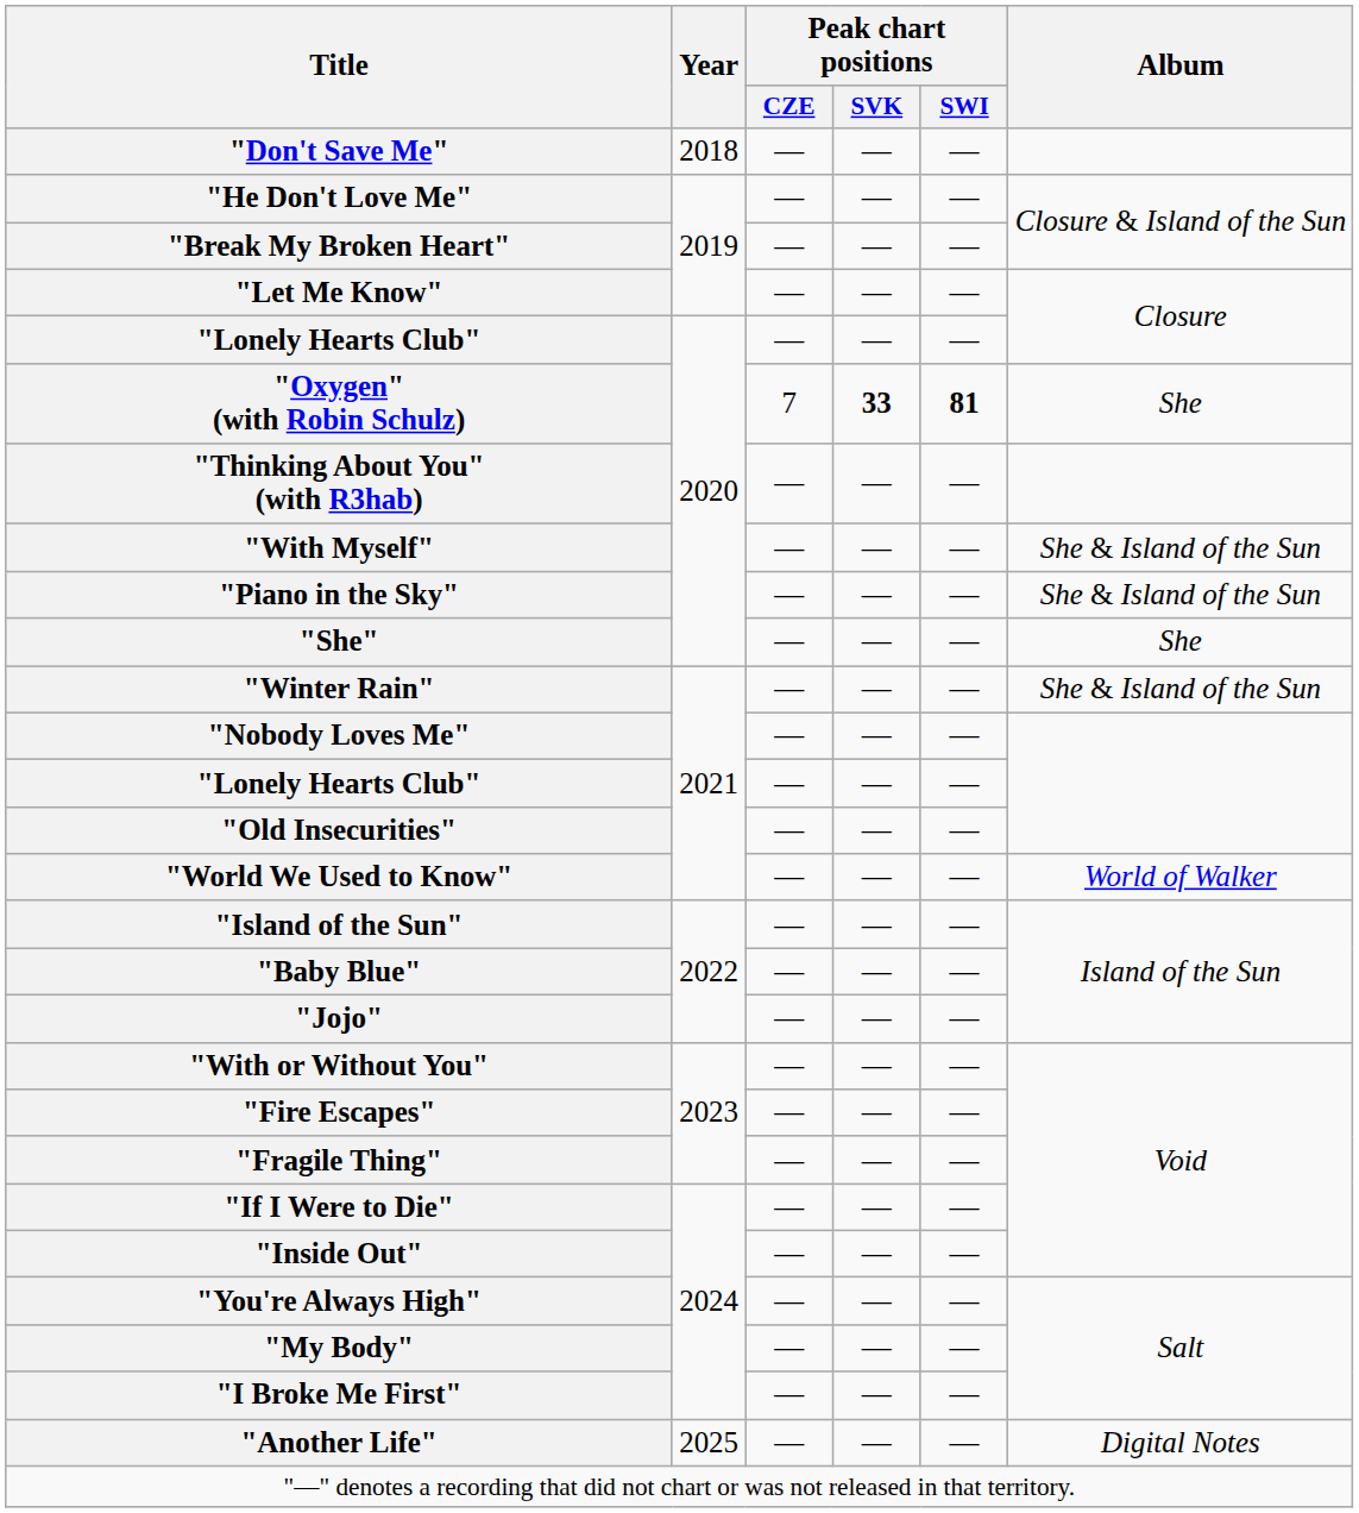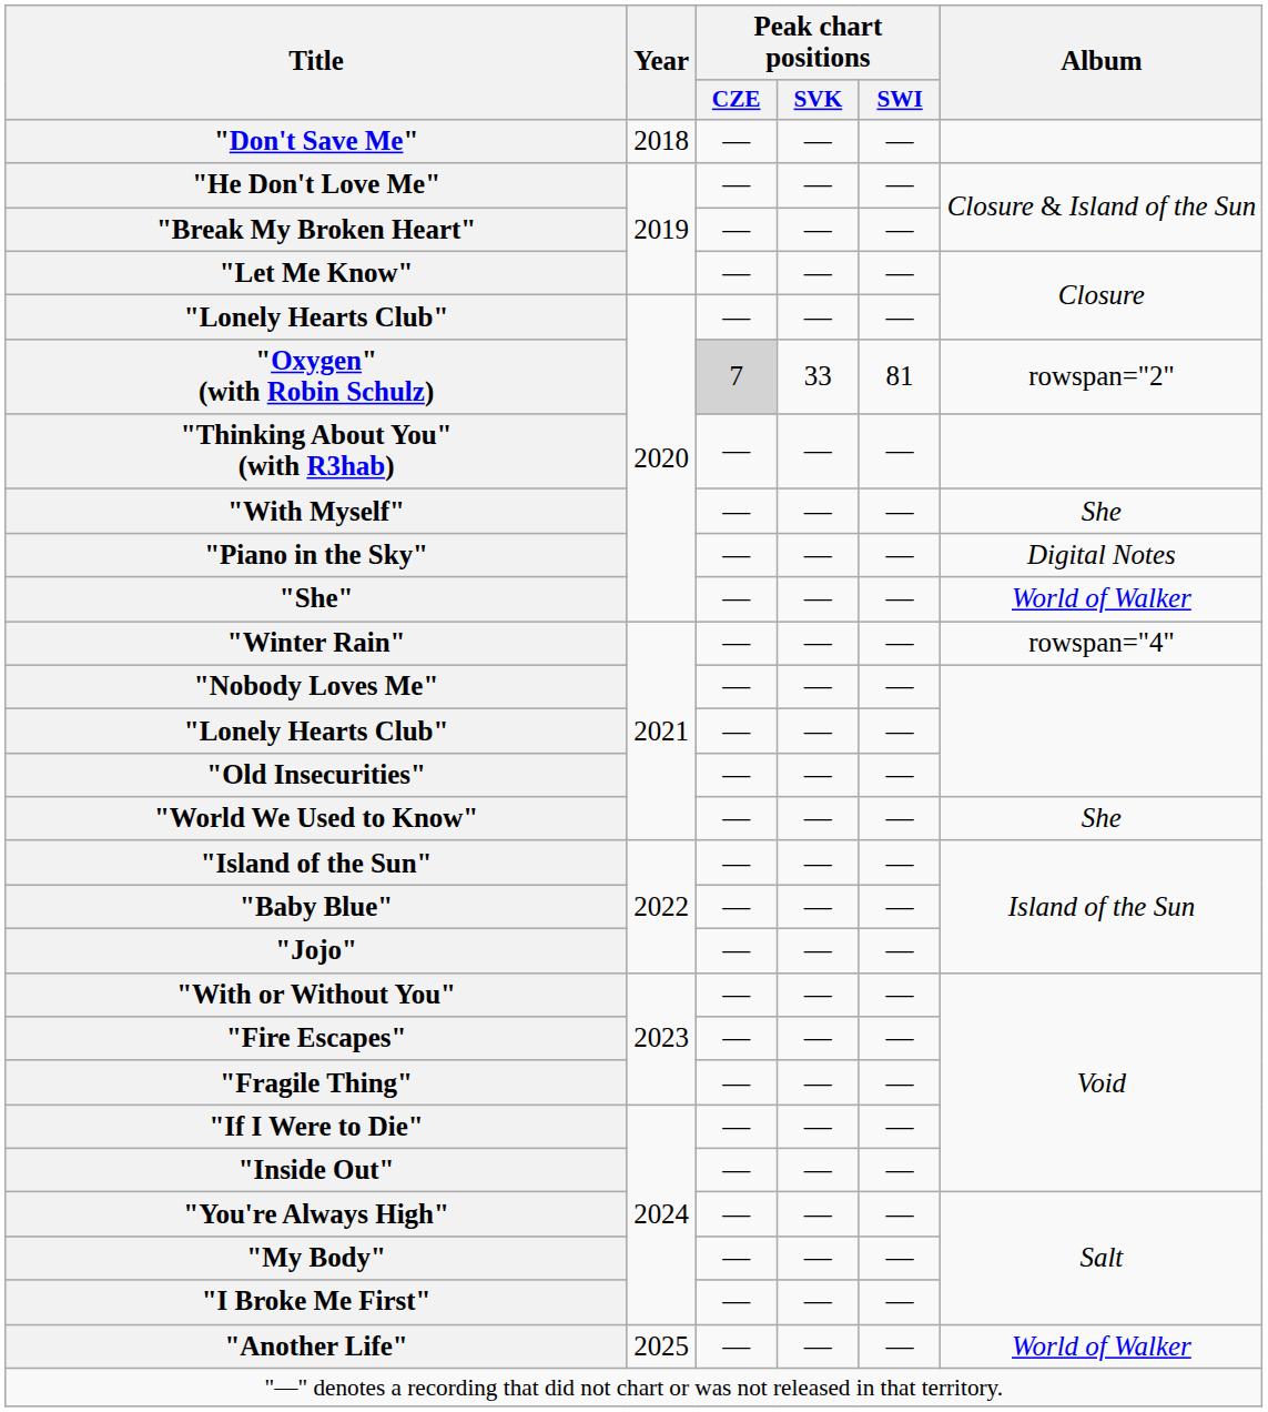 <table class="wikitable plainrowheaders" style="text-align:center;">
 <tr>
 <th scope="col" rowspan="2" style="width:22em;">Title</th>
 <th scope="col" rowspan="2" style="width:1em;">Year</th>
 <th colspan="3" scope="col">Peak chart positions</th>
 <th scope="col" rowspan="2">Album</th>
 </tr>
 <tr>
 <th scope="col" style="width:3em;font-size:85%;"><a href='#'>CZE</a><br></th>
 <th scope="col" style="width:3em;font-size:85%;"><a href='#'>SVK</a><br></th>
 <th scope="col" style="width:3em;font-size:85%;"><a href='#'>SWI</a><br></th>
 </tr>
 <tr>
 <th scope="row">"<a href='#'>Don't Save Me</a>"</th>
 <td>2018</td>
 <td>—</td>
 <td>—</td>
 <td>—</td>
 <td></td>
 </tr>
 <tr>
 <th scope="row">"He Don't Love Me"</th>
 <td rowspan="3">2019</td>
 <td>—</td>
 <td>—</td>
 <td>—</td>
 <td rowspan="2"><em>Closure</em> & <em>Island of the Sun</em></td>
 </tr>
 <tr>
 <th scope="row">"Break My Broken Heart"</th>
 <td>—</td>
 <td>—</td>
 <td>—</td>
 </tr>
 <tr>
 <th scope="row">"Let Me Know"</th>
 <td>—</td>
 <td>—</td>
 <td>—</td>
 <td rowspan="2"><em>Closure</em></td>
 </tr>
 <tr>
 <th scope="row">"Lonely Hearts Club"</th>
 <td rowspan="6">2020</td>
 <td>—</td>
 <td>—</td>
 <td>—</td>
 </tr>
 <tr>
 <th scope="row">"<a href='#'>Oxygen</a>"<br><span>(with <a href='#'>Robin Schulz</a>)</span></th>
-<td>7</td>
-<td><strong>33</strong></td>
-<td><strong>81</strong></td>
-<td><em>She</em></td>
+<td style="background: lightgrey;">7</td>
+<td>33</td>
+<td>81</td>
+<td>rowspan="2" </td>
 </tr>
 <tr>
 <th scope="row">"Thinking About You"<br><span>(with <a href='#'>R3hab</a>)</span></th>
 <td>—</td>
 <td>—</td>
 <td>—</td>
 </tr>
 <tr>
 <th scope="row">"With Myself"</th>
 <td>—</td>
 <td>—</td>
 <td>—</td>
-<td><em>She</em> & <em>Island of the Sun</em></td>
+<td><em>She</em></td>
 </tr>
 <tr>
 <th scope="row">"Piano in the Sky"</th>
 <td>—</td>
 <td>—</td>
 <td>—</td>
-<td><em>She</em> & <em>Island of the Sun</em></td>
+<td><em>Digital Notes</em></td>
 </tr>
 <tr>
 <th scope="row">"She"</th>
 <td>—</td>
 <td>—</td>
 <td>—</td>
-<td><em>She</em></td>
+<td><em><a href='#'>World of Walker</a></em></td>
 </tr>
 <tr>
 <th scope="row">"Winter Rain"</th>
 <td rowspan="5">2021</td>
 <td>—</td>
 <td>—</td>
 <td>—</td>
-<td><em>She</em> & <em>Island of the Sun</em></td>
+<td>rowspan="4" </td>
 </tr>
 <tr>
 <th scope="row">"Nobody Loves Me"<br></th>
 <td>—</td>
 <td>—</td>
 <td>—</td>
 </tr>
 <tr>
 <th scope="row">"Lonely Hearts Club"<br></th>
 <td>—</td>
 <td>—</td>
 <td>—</td>
 </tr>
 <tr>
 <th scope="row">"Old Insecurities"</th>
 <td>—</td>
 <td>—</td>
 <td>—</td>
 </tr>
 <tr>
 <th scope="row">"World We Used to Know"<br></th>
 <td>—</td>
 <td>—</td>
 <td>—</td>
-<td><em><a href='#'>World of Walker</a></em></td>
+<td><em>She</em></td>
 </tr>
 <tr>
 <th scope="row">"Island of the Sun"</th>
 <td rowspan="3">2022</td>
 <td>—</td>
 <td>—</td>
 <td>—</td>
 <td rowspan="3"><em>Island of the Sun</em></td>
 </tr>
 <tr>
 <th scope="row">"Baby Blue"</th>
 <td>—</td>
 <td>—</td>
 <td>—</td>
 </tr>
 <tr>
 <th scope="row">"Jojo"</th>
 <td>—</td>
 <td>—</td>
 <td>—</td>
 </tr>
 <tr>
 <th scope="row">"With or Without You"</th>
 <td rowspan="3">2023</td>
 <td>—</td>
 <td>—</td>
 <td>—</td>
 <td rowspan="5"><em>Void</em></td>
 </tr>
 <tr>
 <th scope="row">"Fire Escapes"</th>
 <td>—</td>
 <td>—</td>
 <td>—</td>
 </tr>
 <tr>
 <th scope="row">"Fragile Thing"</th>
 <td>—</td>
 <td>—</td>
 <td>—</td>
 </tr>
 <tr>
 <th scope="row">"If I Were to Die"</th>
 <td rowspan="5">2024</td>
 <td>—</td>
 <td>—</td>
 <td>—</td>
 </tr>
 <tr>
 <th scope="row">"Inside Out"<br></th>
 <td>—</td>
 <td>—</td>
 <td>—</td>
 </tr>
 <tr>
 <th scope="row">"You're Always High"</th>
 <td>—</td>
 <td>—</td>
 <td>—</td>
 <td rowspan="3"><em>Salt</em></td>
 </tr>
 <tr>
 <th scope="row">"My Body"</th>
 <td>—</td>
 <td>—</td>
 <td>—</td>
 </tr>
 <tr>
 <th scope="row">"I Broke Me First"</th>
 <td>—</td>
 <td>—</td>
 <td>—</td>
 </tr>
 <tr>
 <th scope="row">"Another Life"<br></th>
 <td>2025</td>
 <td>—</td>
 <td>—</td>
 <td>—</td>
-<td><em>Digital Notes</em></td>
+<td><em><a href='#'>World of Walker</a></em></td>
 </tr>
 <tr>
 <td colspan="15" style="font-size:85%">"—" denotes a recording that did not chart or was not released in that territory.</td>
 </tr>
 </table>
